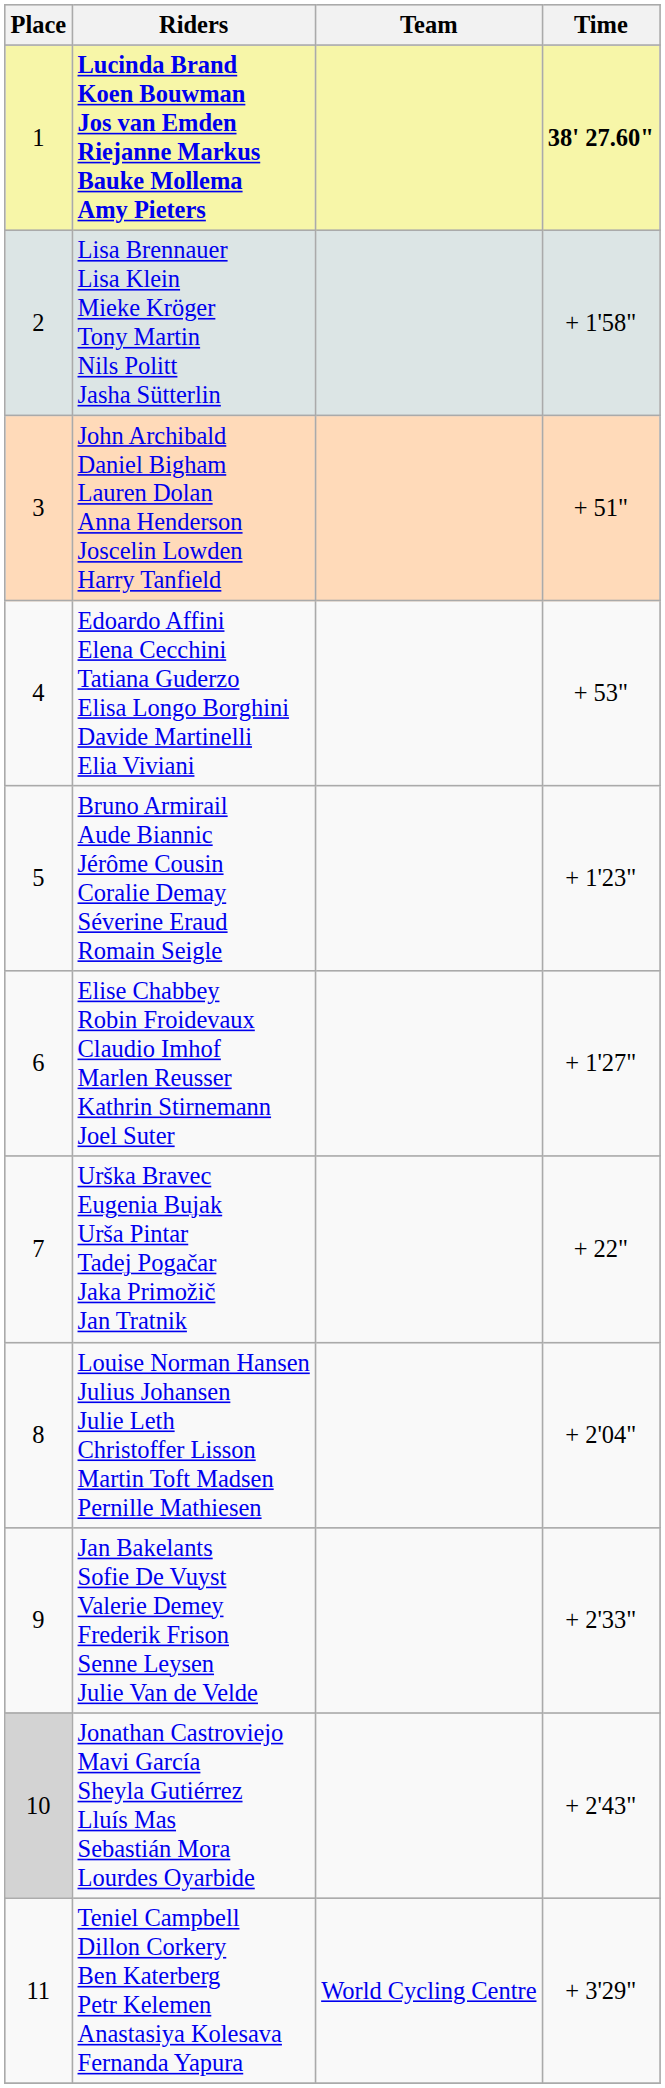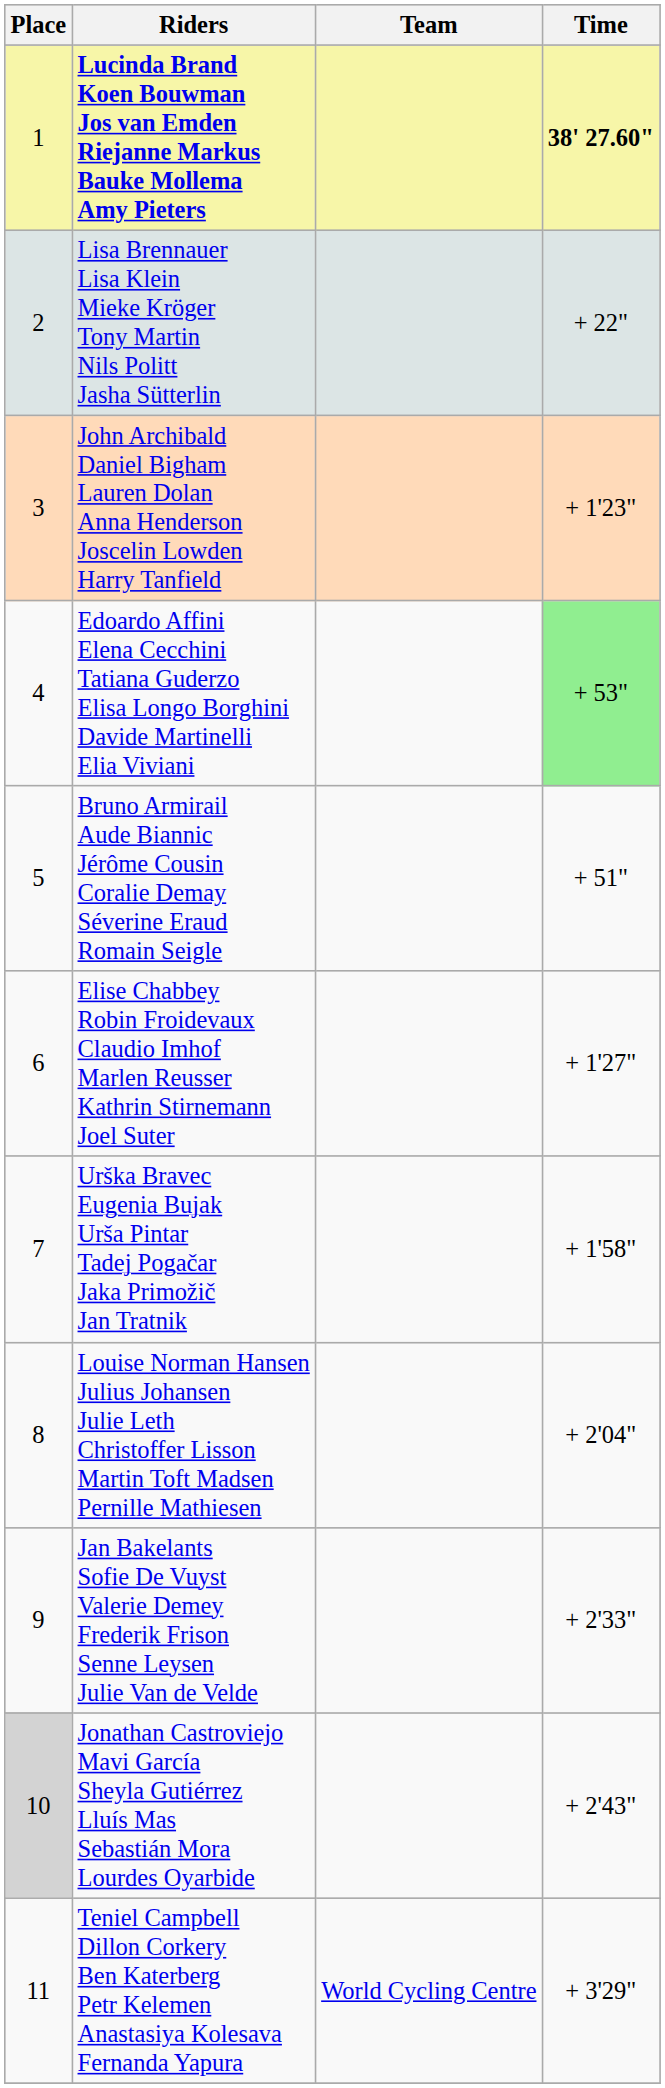 <table class="wikitable" style="font-size:95%;">
 <tr>
 <th>Place</th>
 <th>Riders</th>
 <th>Team</th>
 <th>Time</th>
 </tr>
 <tr style="background-color:#F7F6A8">
 <td align=center>1</td>
 <td><strong><a href='#'>Lucinda Brand</a><br><a href='#'>Koen Bouwman</a><br><a href='#'>Jos van Emden</a><br><a href='#'>Riejanne Markus</a><br><a href='#'>Bauke Mollema</a><br><a href='#'>Amy Pieters</a></strong></td>
 <td></td>
 <td align=center><strong>38' 27.60"</strong></td>
 </tr>
 <tr style="background-color:#DCE5E5">
 <td align=center>2</td>
 <td><a href='#'>Lisa Brennauer</a><br><a href='#'>Lisa Klein</a><br><a href='#'>Mieke Kröger</a><br><a href='#'>Tony Martin</a><br><a href='#'>Nils Politt</a><br><a href='#'>Jasha Sütterlin</a></td>
 <td></td>
-<td align=center>+ 1'58"</td>
+<td align=center>+ 22"</td>
 </tr>
 <tr style="background-color:#FFDAB9">
 <td align=center>3</td>
 <td><a href='#'>John Archibald</a><br><a href='#'>Daniel Bigham</a><br><a href='#'>Lauren Dolan</a><br><a href='#'>Anna Henderson</a><br><a href='#'>Joscelin Lowden</a><br><a href='#'>Harry Tanfield</a></td>
 <td></td>
-<td align=center>+ 51"</td>
+<td align=center>+ 1'23"</td>
 </tr>
 <tr>
 <td align=center>4</td>
 <td><a href='#'>Edoardo Affini</a><br><a href='#'>Elena Cecchini</a><br><a href='#'>Tatiana Guderzo</a><br><a href='#'>Elisa Longo Borghini</a><br><a href='#'>Davide Martinelli</a><br><a href='#'>Elia Viviani</a></td>
 <td></td>
-<td align=center>+ 53"</td>
+<td align=center style="background: lightgreen;">+ 53"</td>
 </tr>
 <tr>
 <td align=center>5</td>
 <td><a href='#'>Bruno Armirail</a><br><a href='#'>Aude Biannic</a><br><a href='#'>Jérôme Cousin</a><br><a href='#'>Coralie Demay</a><br><a href='#'>Séverine Eraud</a><br><a href='#'>Romain Seigle</a></td>
 <td></td>
-<td align=center>+ 1'23"</td>
+<td align=center>+ 51"</td>
 </tr>
 <tr>
 <td align=center>6</td>
 <td><a href='#'>Elise Chabbey</a><br><a href='#'>Robin Froidevaux</a><br><a href='#'>Claudio Imhof</a><br><a href='#'>Marlen Reusser</a><br><a href='#'>Kathrin Stirnemann</a><br><a href='#'>Joel Suter</a></td>
 <td></td>
 <td align=center>+ 1'27"</td>
 </tr>
 <tr>
 <td align=center>7</td>
 <td><a href='#'>Urška Bravec</a><br><a href='#'>Eugenia Bujak</a><br><a href='#'>Urša Pintar</a><br><a href='#'>Tadej Pogačar</a><br><a href='#'>Jaka Primožič</a><br><a href='#'>Jan Tratnik</a></td>
 <td></td>
-<td align=center>+ 22"</td>
+<td align=center>+ 1'58"</td>
 </tr>
 <tr>
 <td align=center>8</td>
 <td><a href='#'>Louise Norman Hansen</a><br><a href='#'>Julius Johansen</a><br><a href='#'>Julie Leth</a><br><a href='#'>Christoffer Lisson</a><br><a href='#'>Martin Toft Madsen</a><br><a href='#'>Pernille Mathiesen</a></td>
 <td></td>
 <td align=center>+ 2'04"</td>
 </tr>
 <tr>
 <td align=center>9</td>
 <td><a href='#'>Jan Bakelants</a><br><a href='#'>Sofie De Vuyst</a><br><a href='#'>Valerie Demey</a><br><a href='#'>Frederik Frison</a><br><a href='#'>Senne Leysen</a><br><a href='#'>Julie Van de Velde</a></td>
 <td></td>
 <td align=center>+ 2'33"</td>
 </tr>
 <tr>
 <td align=center style="background: lightgrey;">10</td>
 <td><a href='#'>Jonathan Castroviejo</a><br><a href='#'>Mavi García</a><br><a href='#'>Sheyla Gutiérrez</a><br><a href='#'>Lluís Mas</a><br><a href='#'>Sebastián Mora</a><br><a href='#'>Lourdes Oyarbide</a></td>
 <td></td>
 <td align=center>+ 2'43"</td>
 </tr>
 <tr>
 <td align=center>11</td>
 <td> <a href='#'>Teniel Campbell</a><br> <a href='#'>Dillon Corkery</a><br> <a href='#'>Ben Katerberg</a><br> <a href='#'>Petr Kelemen</a><br> <a href='#'>Anastasiya Kolesava</a><br> <a href='#'>Fernanda Yapura</a></td>
 <td><a href='#'>World Cycling Centre</a></td>
 <td align=center>+ 3'29"</td>
 </tr>
 <tr>
 </tr>
 </table>
